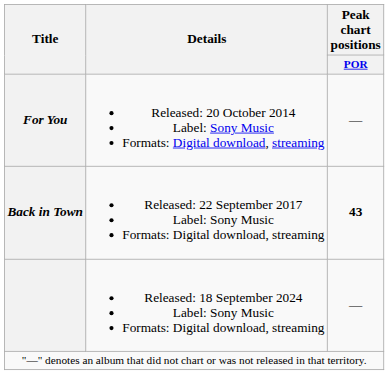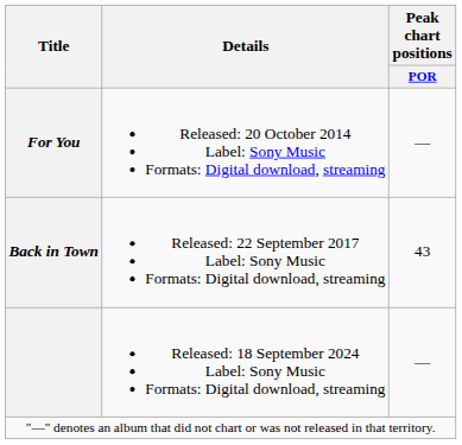 <table class="wikitable plainrowheaders" style="text-align:center;">
 <tr>
 <th rowspan="2" scope="col">Title</th>
 <th rowspan="2" scope="col">Details</th>
 <th colspan="1" scope="col">Peak chart positions</th>
 </tr>
 <tr>
 <th scope="col" style="width:3em;font-size:85%;"><a href='#'>POR</a><br></th>
 </tr>
 <tr>
 <th scope="row"><em>For You</em></th>
 <td><br><ul><li>Released: 20 October 2014</li><li>Label: <a href='#'>Sony Music</a></li><li>Formats: <a href='#'>Digital download</a>, <a href='#'>streaming</a></li></ul></td>
 <td>—</td>
 </tr>
 <tr>
 <th scope="row"><em>Back in Town</em></th>
 <td><br><ul><li>Released: 22 September 2017</li><li>Label: Sony Music</li><li>Formats: Digital download, streaming</li></ul></td>
-<td><strong>43</strong></td>
+<td>43</td>
 </tr>
 <tr>
 <th scope="row"><em></em></th>
 <td><br><ul><li>Released: 18 September 2024</li><li>Label: Sony Music</li><li>Formats: Digital download, streaming</li></ul></td>
 <td>—</td>
 </tr>
 <tr>
 <td colspan="4" style="font-size:85%">"—" denotes an album that did not chart or was not released in that territory.</td>
 </tr>
 </table>
